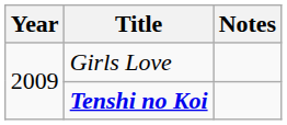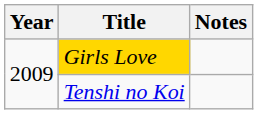 <table class="wikitable">
 <tr>
 <th>Year</th>
 <th>Title</th>
 <th>Notes</th>
 </tr>
 <tr>
 <td rowspan="2">2009</td>
-<td><em>Girls Love</em></td>
+<td style="background: gold;"><em>Girls Love</em></td>
 <td></td>
 </tr>
 <tr>
-<td><strong><em><a href='#'>Tenshi no Koi</a></em></strong></td>
+<td><em><a href='#'>Tenshi no Koi</a></em></td>
 <td></td>
 </tr>
 </table>
